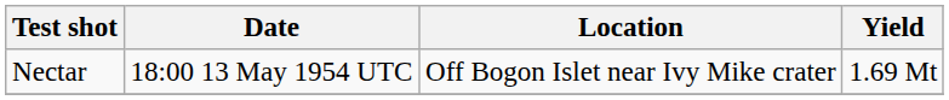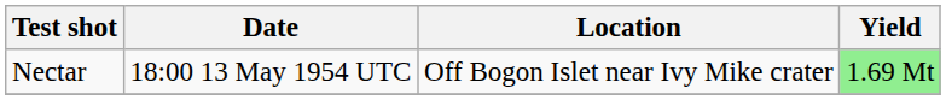 <table class="wikitable">
 <tr>
 <th>Test shot</th>
 <th>Date</th>
 <th>Location</th>
 <th>Yield</th>
 </tr>
 <tr>
 <td>Nectar</td>
 <td>18:00 13 May 1954 UTC</td>
 <td>Off Bogon Islet near Ivy Mike crater</td>
-<td>1.69 Mt</td>
+<td style="background: lightgreen;">1.69 Mt</td>
 </tr>
 <tr>
 </tr>
 </table>
